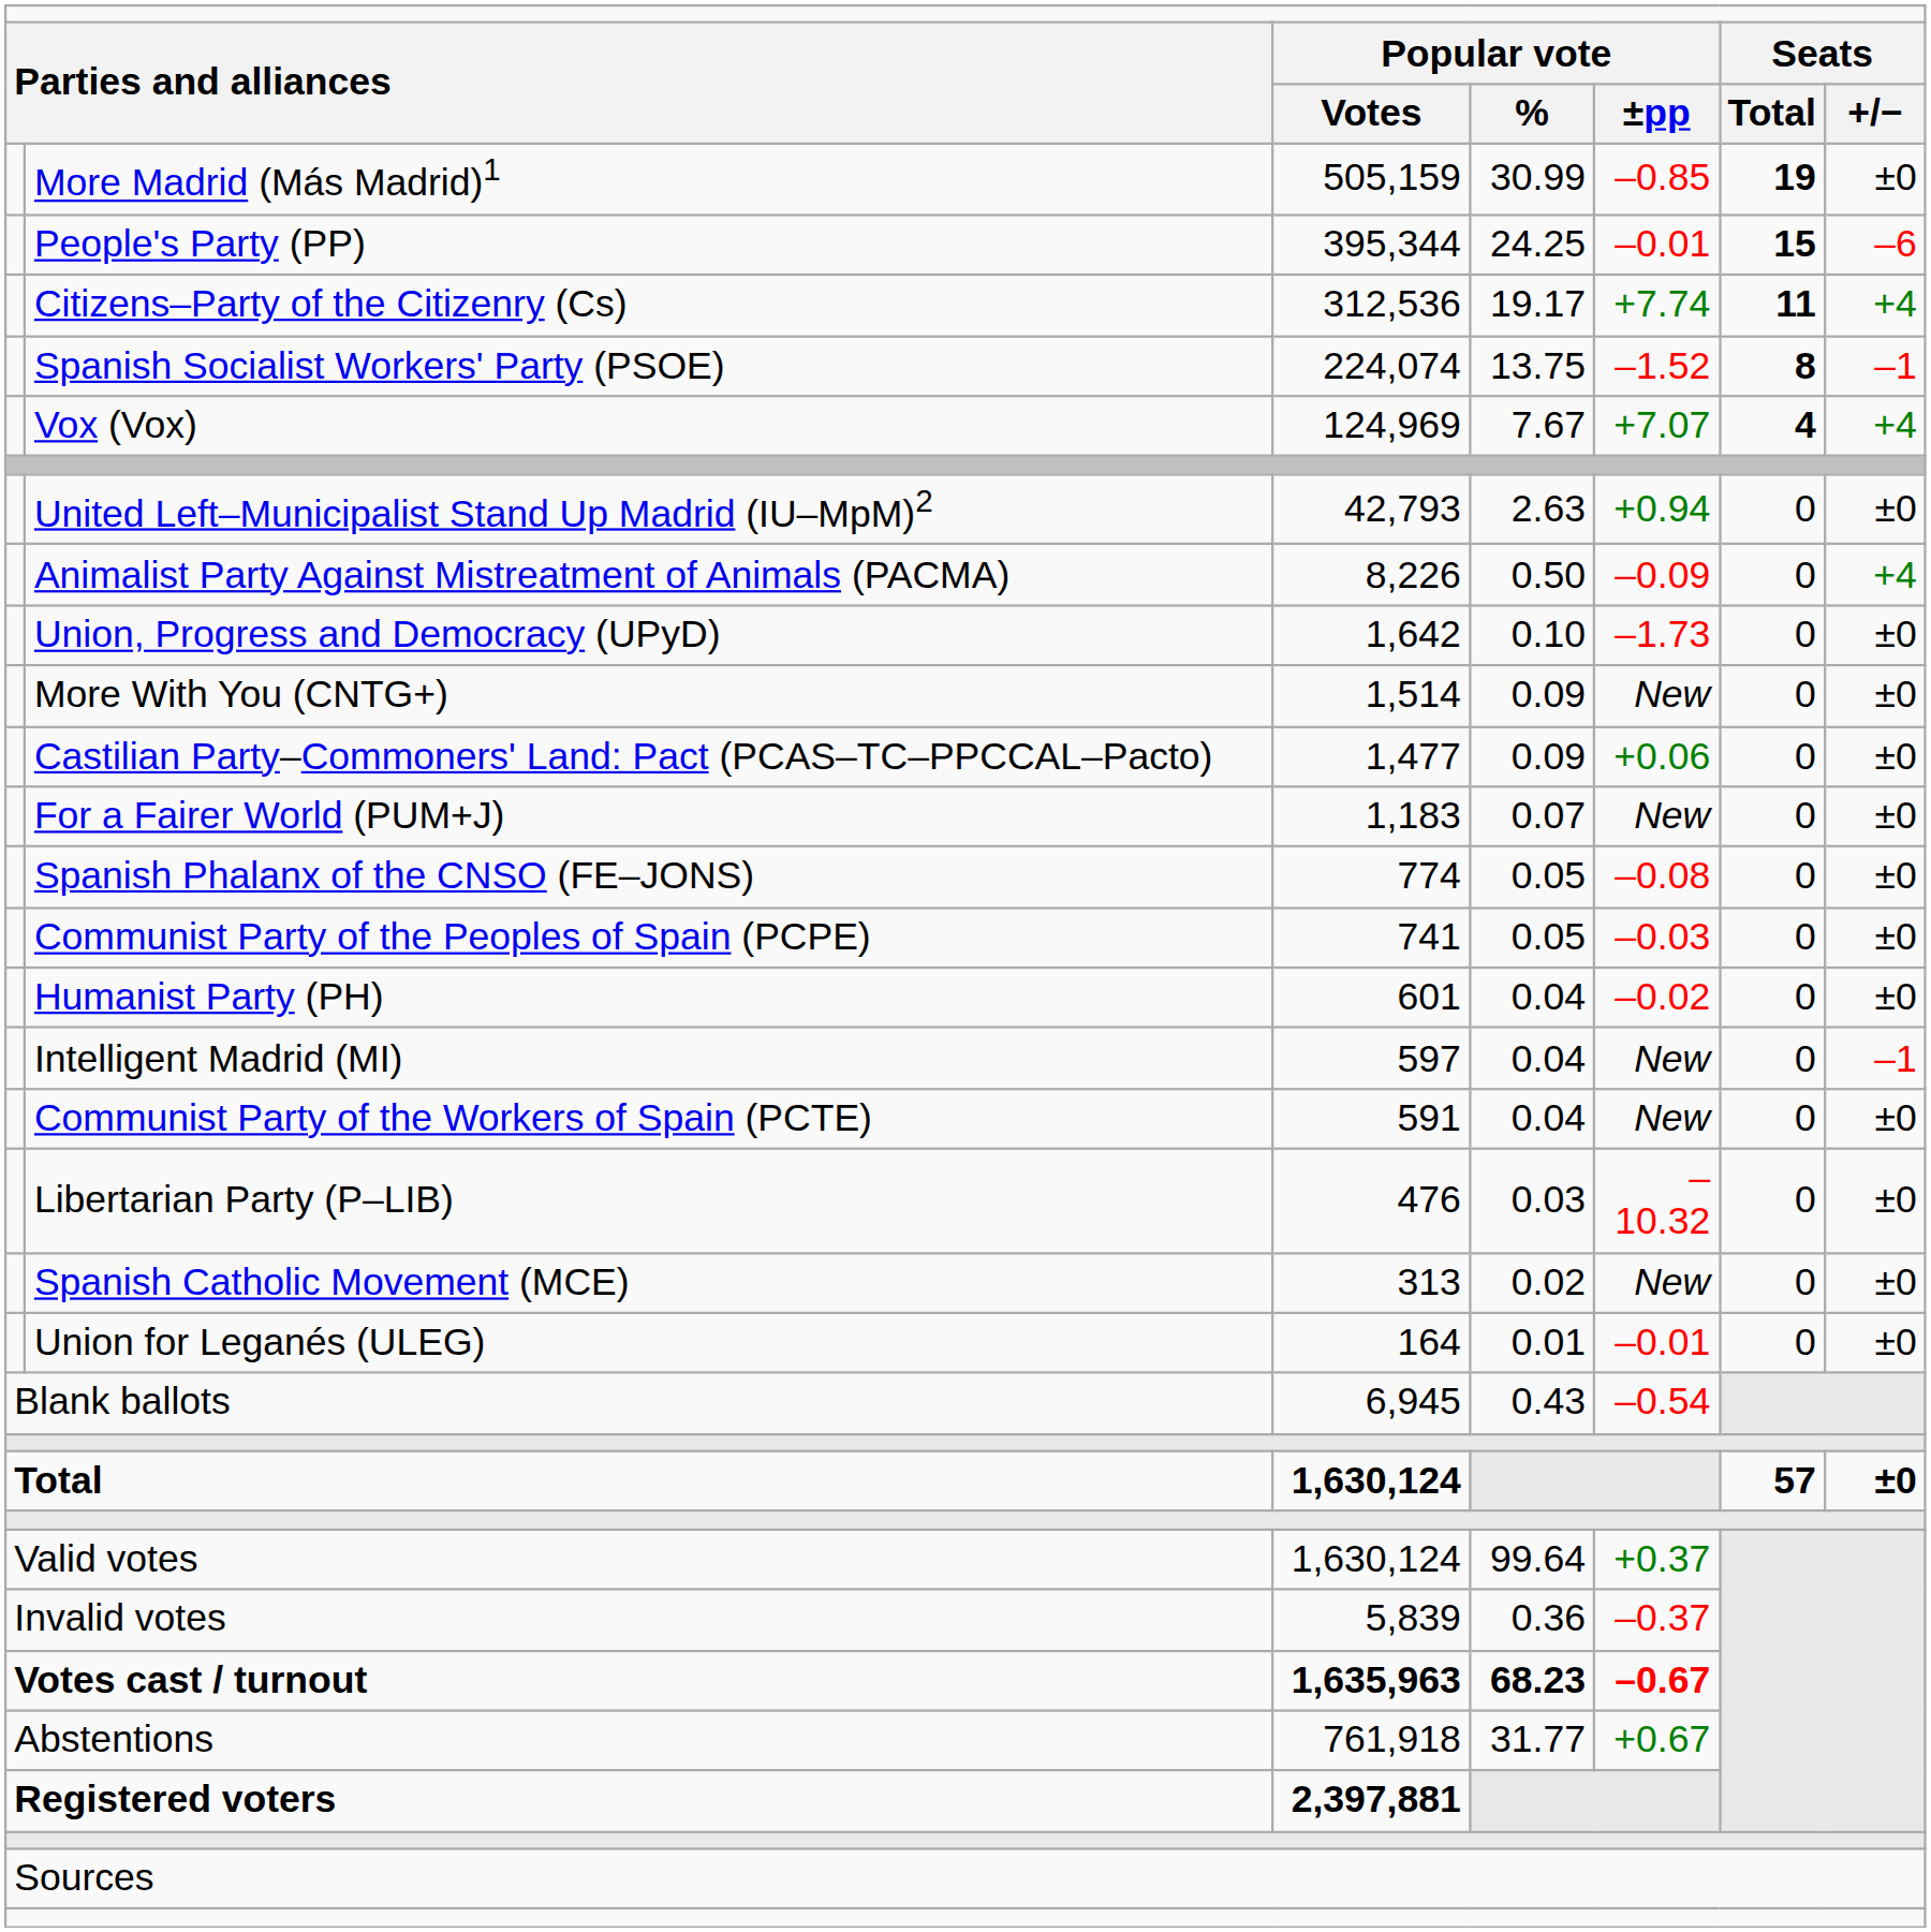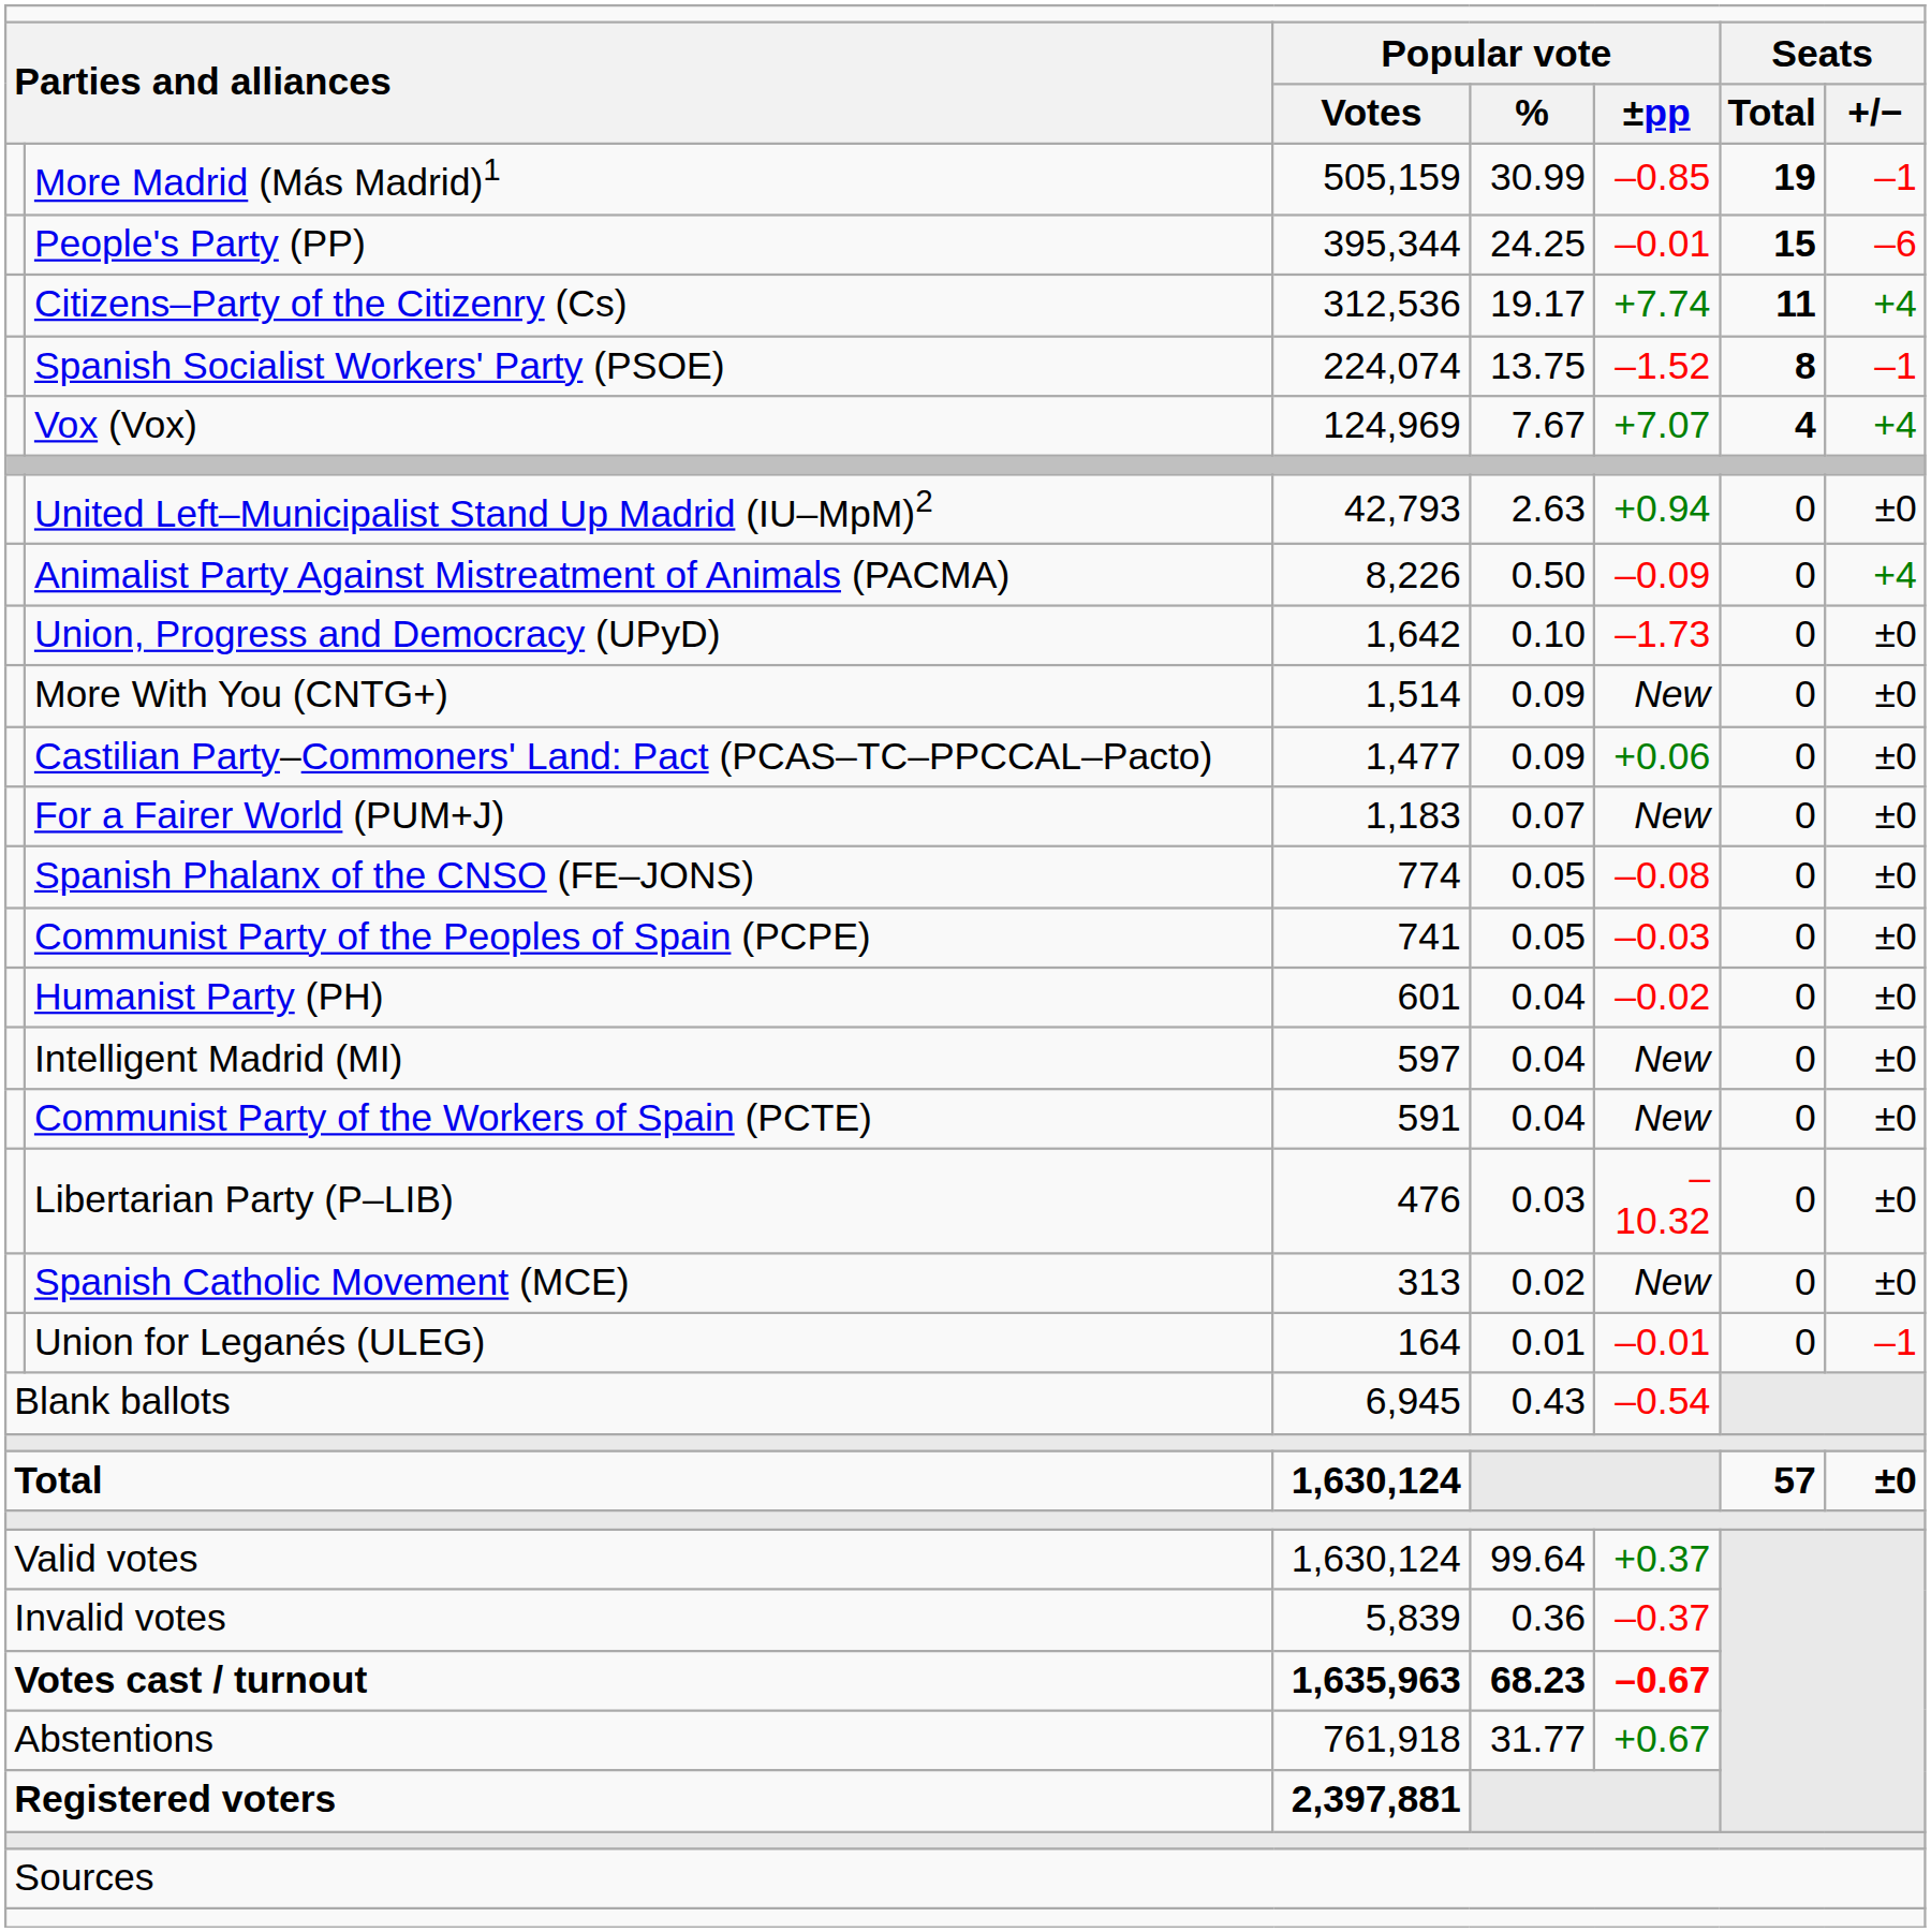 <table class="wikitable" style="text-align:right;">
 <tr>
 <td colspan="7"></td>
 </tr>
 <tr>
 <th style="text-align:left;" rowspan="2" colspan="2" width="525">Parties and alliances</th>
 <th colspan="3">Popular vote</th>
 <th colspan="2">Seats</th>
 </tr>
 <tr>
 <th width="75">Votes</th>
 <th width="45">%</th>
 <th width="45">±<a href='#'>pp</a></th>
 <th width="35">Total</th>
 <th width="35">+/−</th>
 </tr>
 <tr>
 <td width="1" style="color:inherit;background:"></td>
 <td align="left"><a href='#'>More Madrid</a> (Más Madrid)<sup>1</sup></td>
 <td>505,159</td>
 <td>30.99</td>
 <td style="color:red;">–0.85</td>
 <td><strong>19</strong></td>
-<td>±0</td>
+<td style="color:red;">–1</td>
 </tr>
 <tr>
 <td style="color:inherit;background:"></td>
 <td align="left"><a href='#'>People's Party</a> (PP)</td>
 <td>395,344</td>
 <td>24.25</td>
 <td style="color:red;">–0.01</td>
 <td><strong>15</strong></td>
 <td style="color:red;">–6</td>
 </tr>
 <tr>
 <td style="color:inherit;background:"></td>
 <td align="left"><a href='#'>Citizens–Party of the Citizenry</a> (Cs)</td>
 <td>312,536</td>
 <td>19.17</td>
 <td style="color:green;">+7.74</td>
 <td><strong>11</strong></td>
 <td style="color:green;">+4</td>
 </tr>
 <tr>
 <td style="color:inherit;background:"></td>
 <td align="left"><a href='#'>Spanish Socialist Workers' Party</a> (PSOE)</td>
 <td>224,074</td>
 <td>13.75</td>
 <td style="color:red;">–1.52</td>
 <td><strong>8</strong></td>
 <td style="color:red;">–1</td>
 </tr>
 <tr>
 <td style="color:inherit;background:"></td>
 <td align="left"><a href='#'>Vox</a> (Vox)</td>
 <td>124,969</td>
 <td>7.67</td>
 <td style="color:green;">+7.07</td>
 <td><strong>4</strong></td>
 <td style="color:green;">+4</td>
 </tr>
 <tr>
 <td colspan="7" bgcolor="#C0C0C0"></td>
 </tr>
 <tr>
 <td style="color:inherit;background:"></td>
 <td align="left"><a href='#'>United Left–Municipalist Stand Up Madrid</a> (IU–MpM)<sup>2</sup></td>
 <td>42,793</td>
 <td>2.63</td>
 <td style="color:green;">+0.94</td>
 <td>0</td>
 <td>±0</td>
 </tr>
 <tr>
 <td style="color:inherit;background:"></td>
 <td align="left"><a href='#'>Animalist Party Against Mistreatment of Animals</a> (PACMA)</td>
 <td>8,226</td>
 <td>0.50</td>
 <td style="color:red;">–0.09</td>
 <td>0</td>
 <td style="color:green;">+4</td>
 </tr>
 <tr>
 <td style="color:inherit;background:"></td>
 <td align="left"><a href='#'>Union, Progress and Democracy</a> (UPyD)</td>
 <td>1,642</td>
 <td>0.10</td>
 <td style="color:red;">–1.73</td>
 <td>0</td>
 <td>±0</td>
 </tr>
 <tr>
 <td style="color:inherit;background:"></td>
 <td align="left">More With You (CNTG+)</td>
 <td>1,514</td>
 <td>0.09</td>
 <td><em>New</em></td>
 <td>0</td>
 <td>±0</td>
 </tr>
 <tr>
 <td style="color:inherit;background:"></td>
 <td align="left"><a href='#'>Castilian Party</a>–<a href='#'>Commoners' Land: Pact</a> (PCAS–TC–PPCCAL–Pacto)</td>
 <td>1,477</td>
 <td>0.09</td>
 <td style="color:green;">+0.06</td>
 <td>0</td>
 <td>±0</td>
 </tr>
 <tr>
 <td style="color:inherit;background:"></td>
 <td align="left"><a href='#'>For a Fairer World</a> (PUM+J)</td>
 <td>1,183</td>
 <td>0.07</td>
 <td><em>New</em></td>
 <td>0</td>
 <td>±0</td>
 </tr>
 <tr>
 <td style="color:inherit;background:"></td>
 <td align="left"><a href='#'>Spanish Phalanx of the CNSO</a> (FE–JONS)</td>
 <td>774</td>
 <td>0.05</td>
 <td style="color:red;">–0.08</td>
 <td>0</td>
 <td>±0</td>
 </tr>
 <tr>
 <td style="color:inherit;background:"></td>
 <td align="left"><a href='#'>Communist Party of the Peoples of Spain</a> (PCPE)</td>
 <td>741</td>
 <td>0.05</td>
 <td style="color:red;">–0.03</td>
 <td>0</td>
 <td>±0</td>
 </tr>
 <tr>
 <td style="color:inherit;background:"></td>
 <td align="left"><a href='#'>Humanist Party</a> (PH)</td>
 <td>601</td>
 <td>0.04</td>
 <td style="color:red;">–0.02</td>
 <td>0</td>
 <td>±0</td>
 </tr>
 <tr>
 <td style="color:inherit;background:"></td>
 <td align="left">Intelligent Madrid (MI)</td>
 <td>597</td>
 <td>0.04</td>
 <td><em>New</em></td>
 <td>0</td>
-<td style="color:red;">–1</td>
+<td>±0</td>
 </tr>
 <tr>
 <td style="color:inherit;background:"></td>
 <td align="left"><a href='#'>Communist Party of the Workers of Spain</a> (PCTE)</td>
 <td>591</td>
 <td>0.04</td>
 <td><em>New</em></td>
 <td>0</td>
 <td>±0</td>
 </tr>
 <tr>
 <td style="color:inherit;background:"></td>
 <td align="left">Libertarian Party (P–LIB)</td>
 <td>476</td>
 <td>0.03</td>
 <td style="color:red;">–10.32</td>
 <td>0</td>
 <td>±0</td>
 </tr>
 <tr>
 <td style="color:inherit;background:"></td>
 <td align="left"><a href='#'>Spanish Catholic Movement</a> (MCE)</td>
 <td>313</td>
 <td>0.02</td>
 <td><em>New</em></td>
 <td>0</td>
 <td>±0</td>
 </tr>
 <tr>
 <td style="color:inherit;background:"></td>
 <td align="left">Union for Leganés (ULEG)</td>
 <td>164</td>
 <td>0.01</td>
 <td style="color:red;">–0.01</td>
 <td>0</td>
-<td>±0</td>
+<td style="color:red;">–1</td>
 </tr>
 <tr>
 <td align="left" colspan="2">Blank ballots</td>
 <td>6,945</td>
 <td>0.43</td>
 <td style="color:red;">–0.54</td>
 <td bgcolor="#E9E9E9" colspan="2"></td>
 </tr>
 <tr>
 <td colspan="7" bgcolor="#E9E9E9"></td>
 </tr>
 <tr style="font-weight:bold;">
 <td align="left" colspan="2">Total</td>
 <td>1,630,124</td>
 <td bgcolor="#E9E9E9" colspan="2"></td>
 <td>57</td>
 <td>±0</td>
 </tr>
 <tr>
 <td colspan="7" bgcolor="#E9E9E9"></td>
 </tr>
 <tr>
 <td align="left" colspan="2">Valid votes</td>
 <td>1,630,124</td>
 <td>99.64</td>
 <td style="color:green;">+0.37</td>
 <td bgcolor="#E9E9E9" colspan="2" rowspan="5"></td>
 </tr>
 <tr>
 <td align="left" colspan="2">Invalid votes</td>
 <td>5,839</td>
 <td>0.36</td>
 <td style="color:red;">–0.37</td>
 </tr>
 <tr style="font-weight:bold;">
 <td align="left" colspan="2">Votes cast / turnout</td>
 <td>1,635,963</td>
 <td>68.23</td>
 <td style="color:red;">–0.67</td>
 </tr>
 <tr>
 <td align="left" colspan="2">Abstentions</td>
 <td>761,918</td>
 <td>31.77</td>
 <td style="color:green;">+0.67</td>
 </tr>
 <tr style="font-weight:bold;">
 <td align="left" colspan="2">Registered voters</td>
 <td>2,397,881</td>
 <td bgcolor="#E9E9E9" colspan="2"></td>
 </tr>
 <tr>
 <td colspan="7" bgcolor="#E9E9E9"></td>
 </tr>
 <tr>
 <td align="left" colspan="7">Sources</td>
 </tr>
 <tr>
 <td colspan="7" style="text-align:left; max-width:790px;"></td>
 </tr>
 </table>
